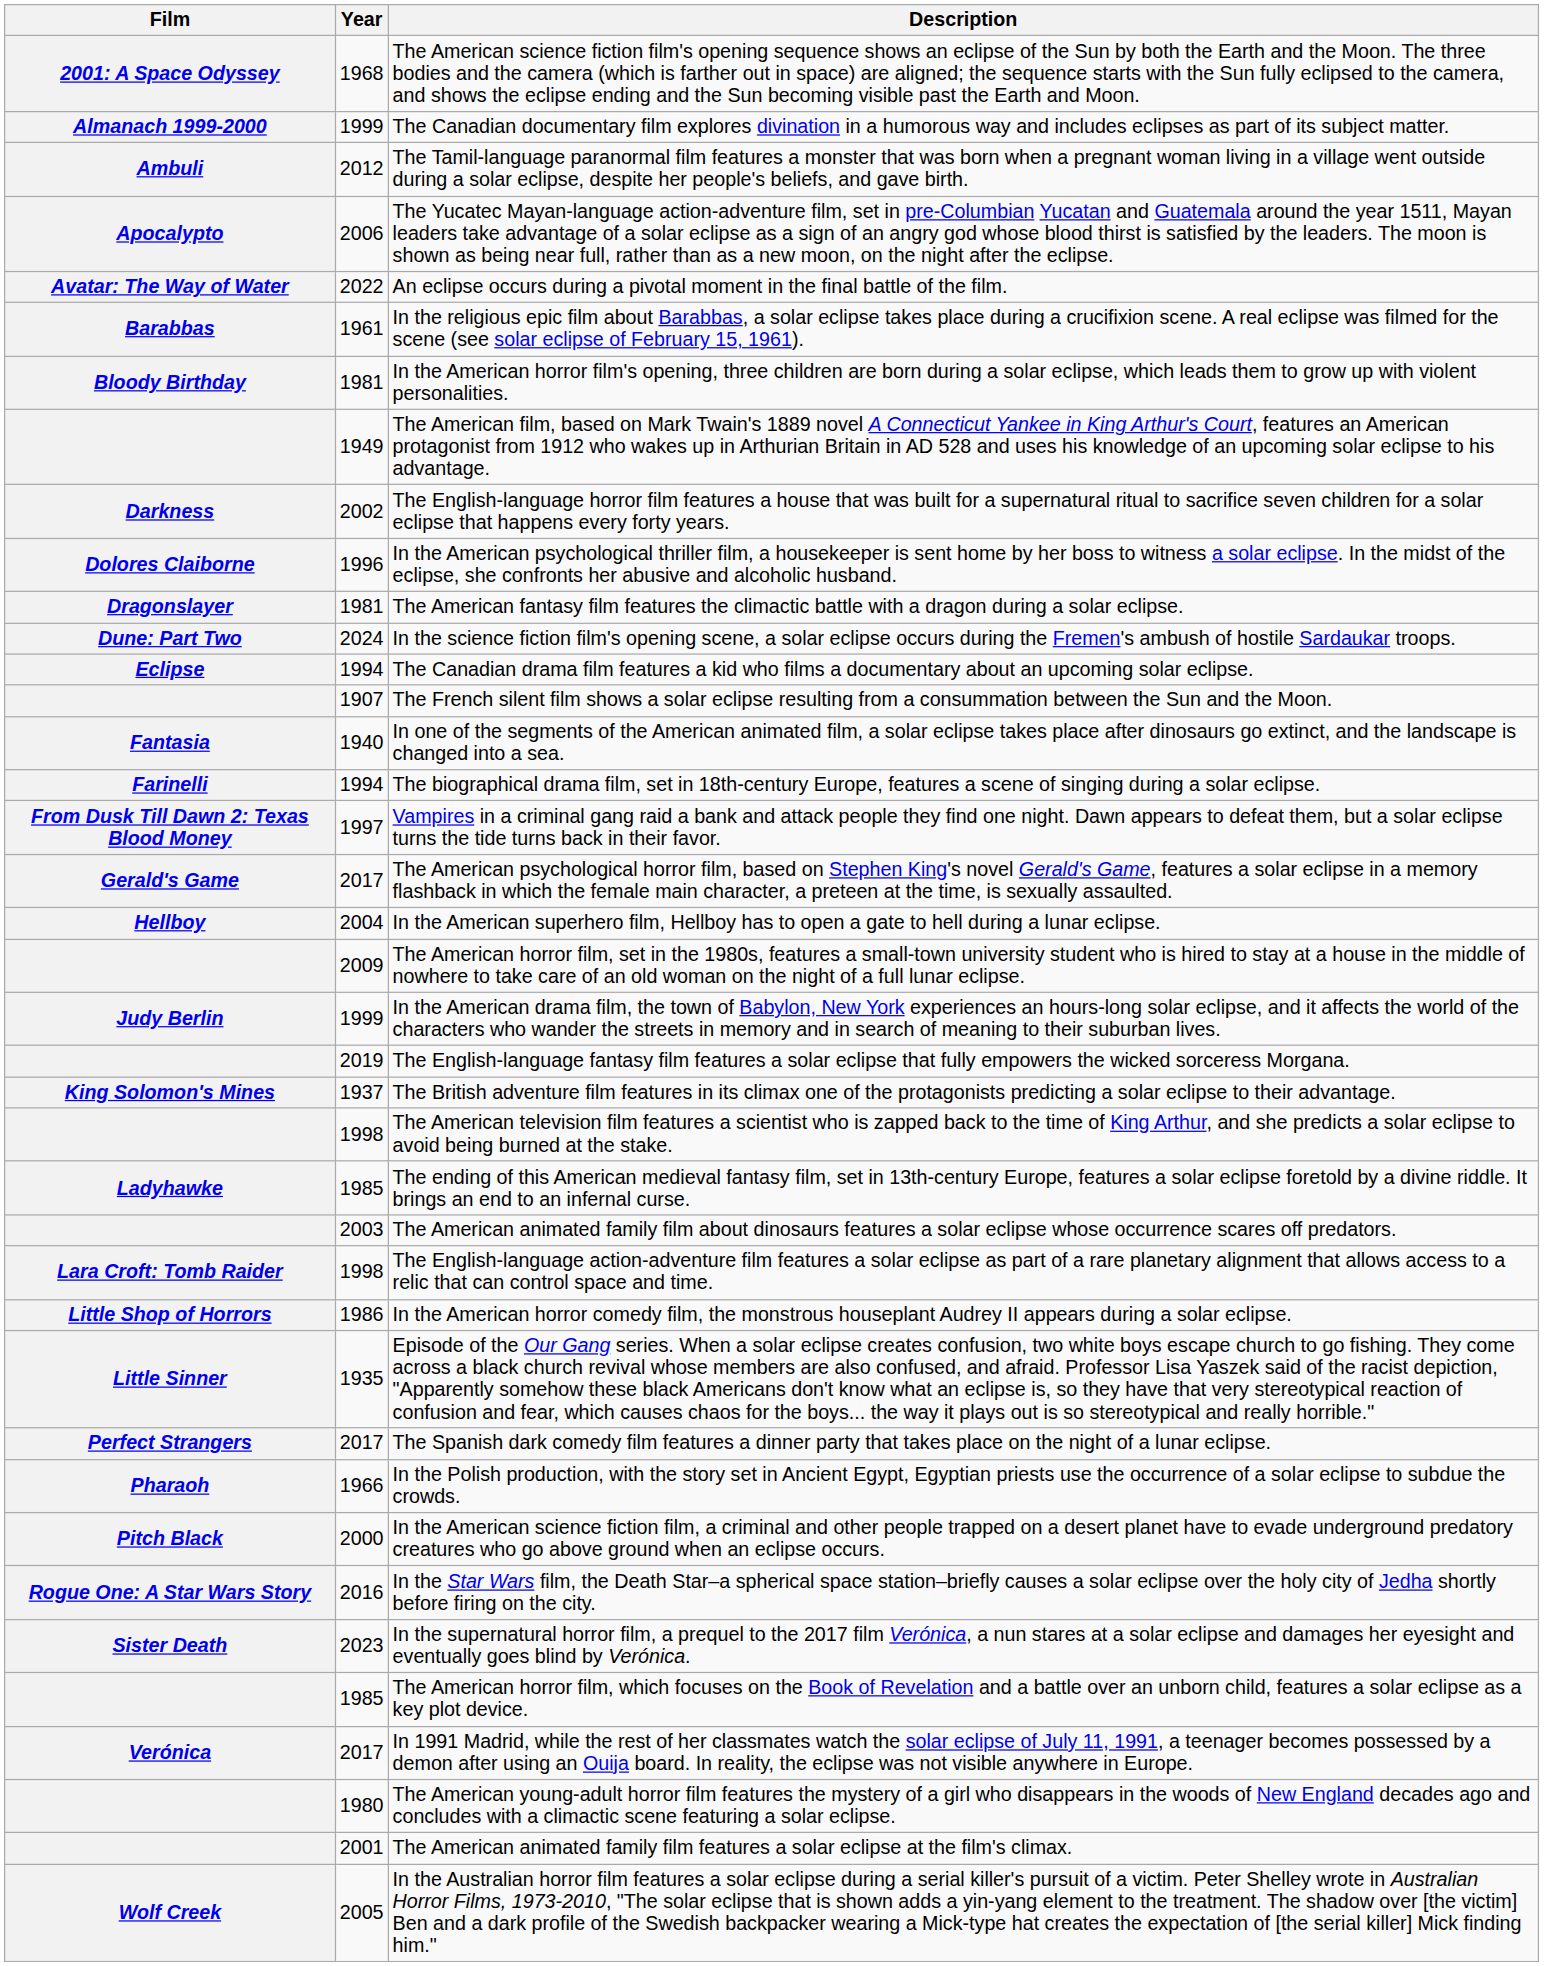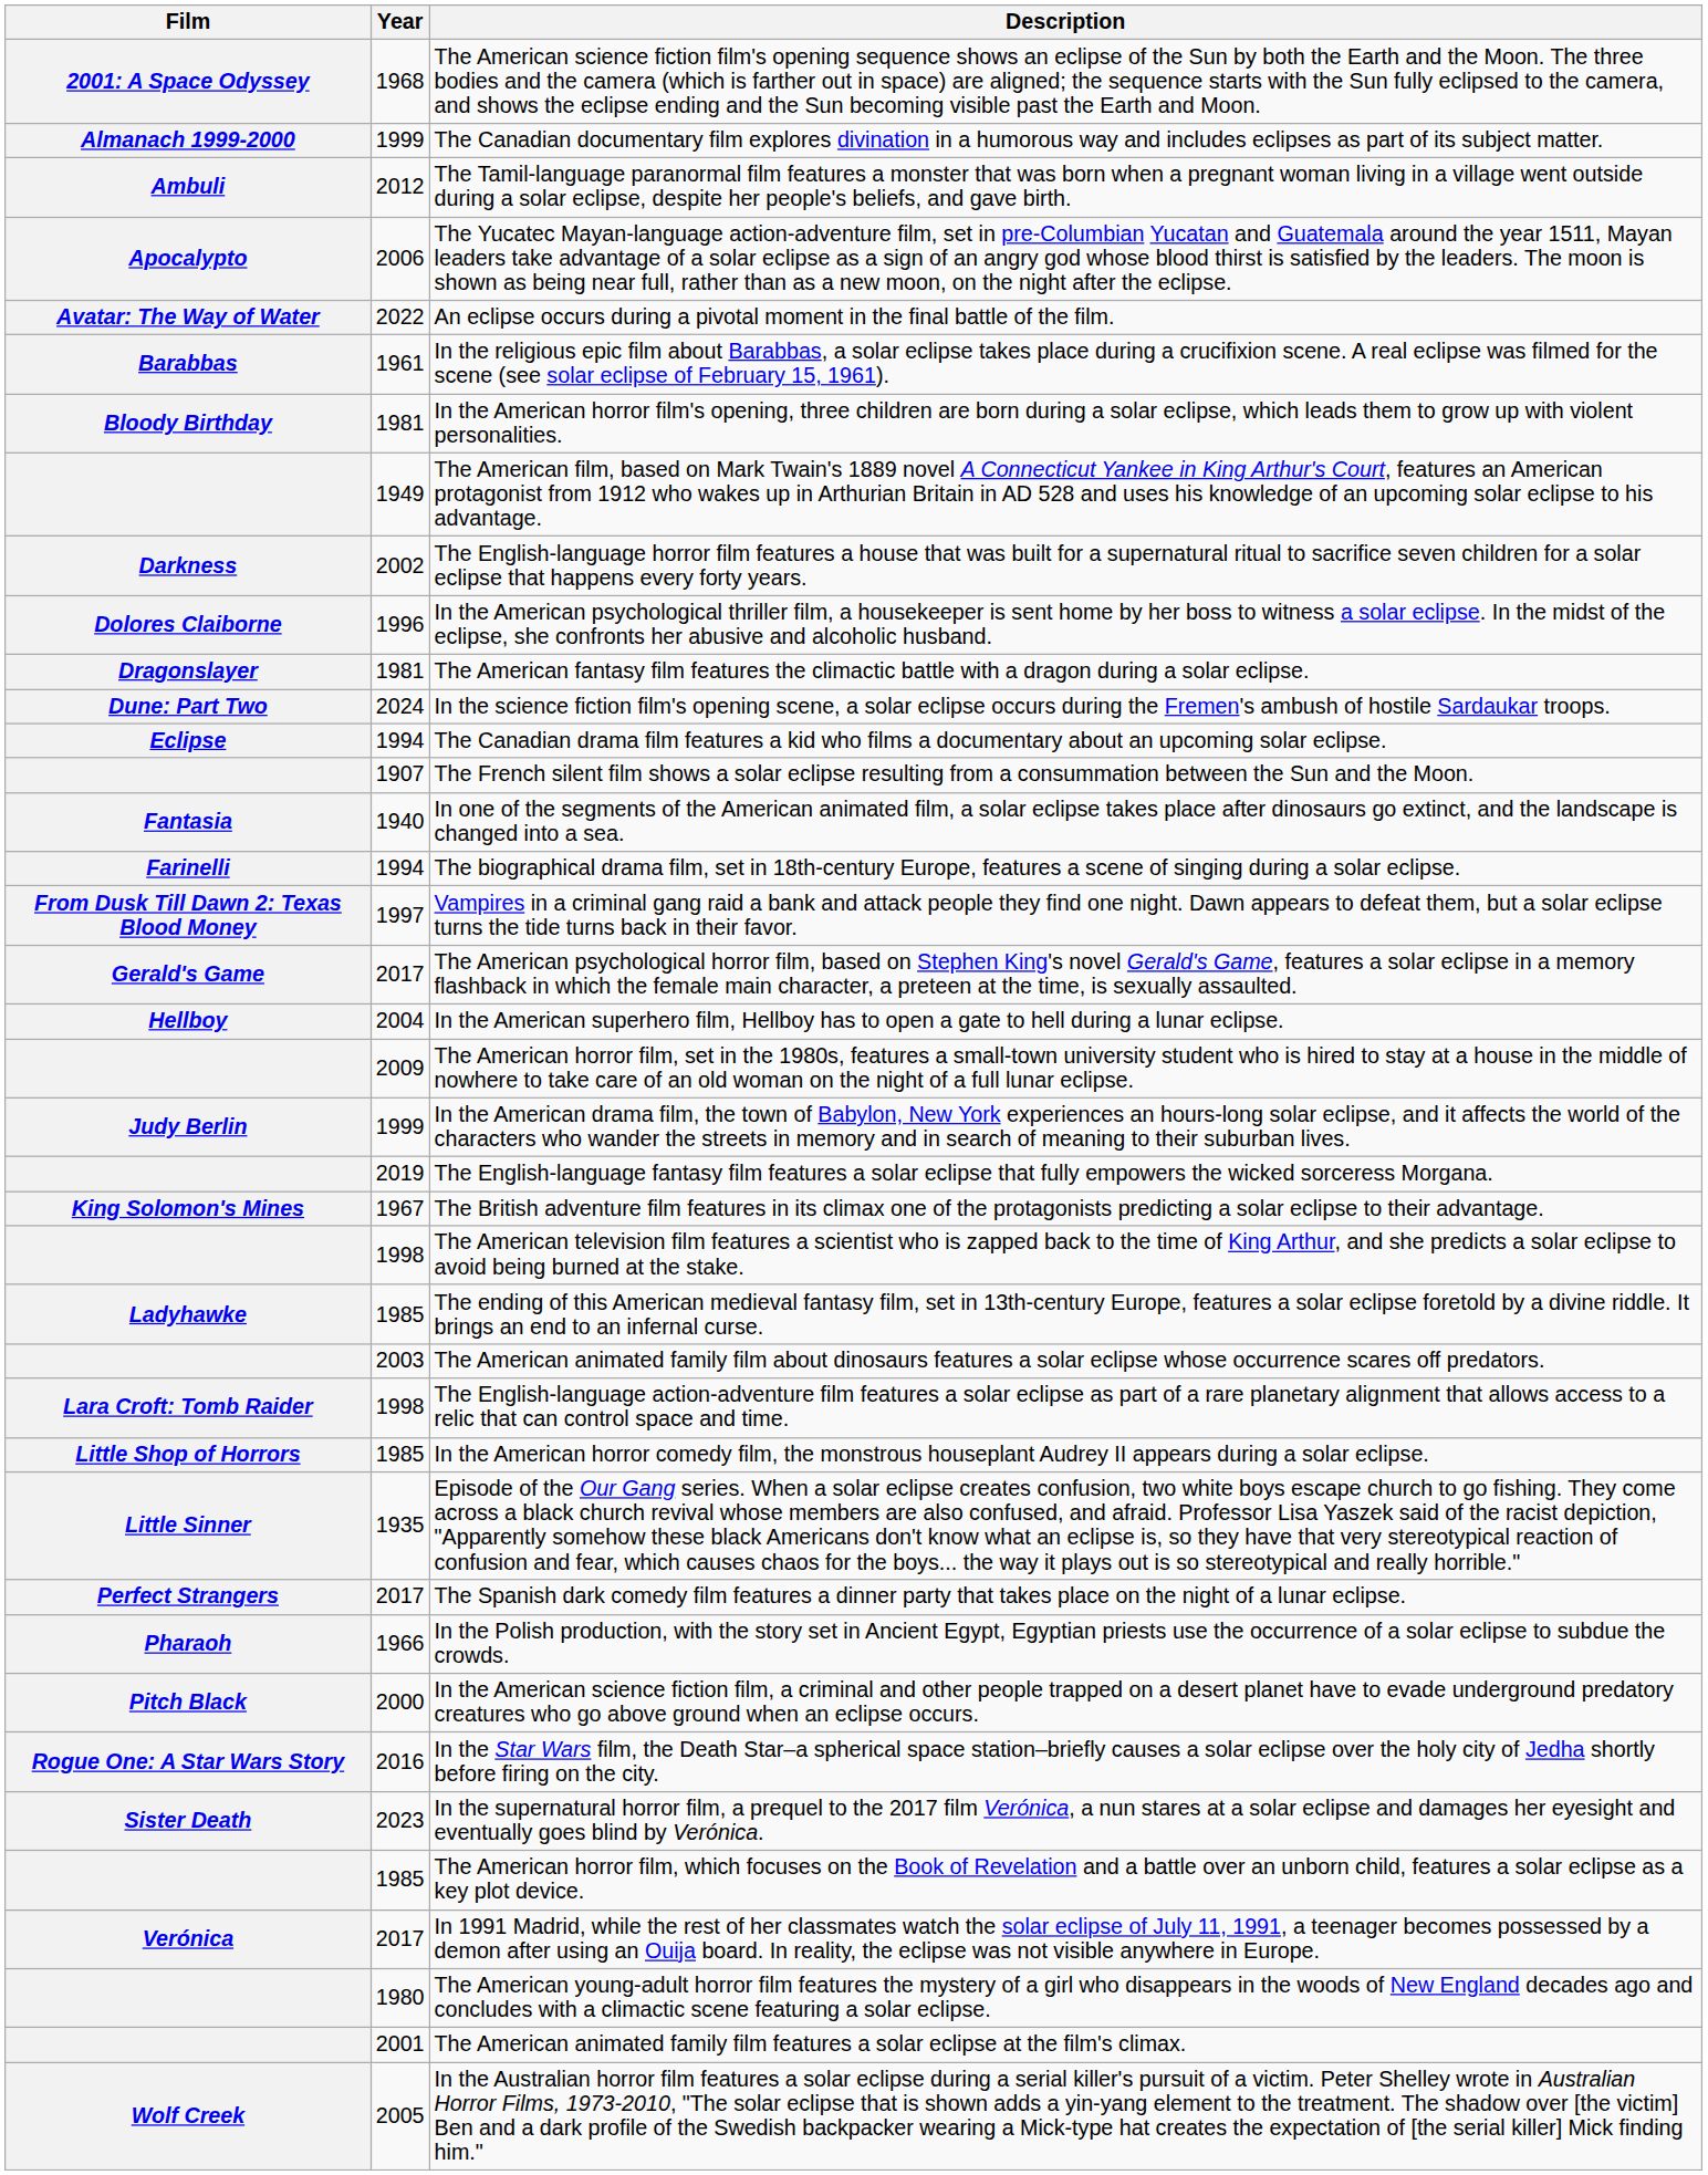 <table class="wikitable sortable plainrowheaders">
 <tr>
 <th scope="col">Film</th>
 <th scope="col">Year</th>
 <th scope="col" width="75%" class="unsortable">Description</th>
 </tr>
 <tr>
 <th scope="row"><em><a href='#'>2001: A Space Odyssey</a></em></th>
 <td>1968</td>
 <td>The American science fiction film's opening sequence shows an eclipse of the Sun by both the Earth and the Moon. The three bodies and the camera (which is farther out in space) are aligned; the sequence starts with the Sun fully eclipsed to the camera, and shows the eclipse ending and the Sun becoming visible past the Earth and Moon.</td>
 </tr>
 <tr>
 <th scope="row"><em><a href='#'>Almanach 1999-2000</a></em></th>
 <td>1999</td>
 <td>The Canadian documentary film explores <a href='#'>divination</a> in a humorous way and includes eclipses as part of its subject matter.</td>
 </tr>
 <tr>
 <th scope="row"><em><a href='#'>Ambuli</a></em></th>
 <td>2012</td>
 <td>The Tamil-language paranormal film features a monster that was born when a pregnant woman living in a village went outside during a solar eclipse, despite her people's beliefs, and gave birth.</td>
 </tr>
 <tr>
 <th scope="row"><em><a href='#'>Apocalypto</a></em></th>
 <td>2006</td>
 <td>The Yucatec Mayan-language action-adventure film, set in <a href='#'>pre-Columbian</a> <a href='#'>Yucatan</a> and <a href='#'>Guatemala</a> around the year 1511, Mayan leaders take advantage of a solar eclipse as a sign of an angry god whose blood thirst is satisfied by the leaders. The moon is shown as being near full, rather than as a new moon, on the night after the eclipse.</td>
 </tr>
 <tr>
 <th scope="row"><em><a href='#'>Avatar: The Way of Water</a></em></th>
 <td>2022</td>
 <td>An eclipse occurs during a pivotal moment in the final battle of the film.</td>
 </tr>
 <tr>
 <th scope="row"><em><a href='#'>Barabbas</a></em></th>
 <td>1961</td>
 <td>In the religious epic film about <a href='#'>Barabbas</a>, a solar eclipse takes place during a crucifixion scene. A real eclipse was filmed for the scene (see <a href='#'>solar eclipse of February 15, 1961</a>).</td>
 </tr>
 <tr>
 <th scope="row"><em><a href='#'>Bloody Birthday</a></em></th>
 <td>1981</td>
 <td>In the American horror film's opening, three children are born during a solar eclipse, which leads them to grow up with violent personalities.</td>
 </tr>
 <tr>
 <th scope="row"><em></em></th>
 <td>1949</td>
 <td>The American film, based on Mark Twain's 1889 novel <em><a href='#'>A Connecticut Yankee in King Arthur's Court</a></em>, features an American protagonist from 1912 who wakes up in Arthurian Britain in AD 528 and uses his knowledge of an upcoming solar eclipse to his advantage.</td>
 </tr>
 <tr>
 <th scope="row"><em><a href='#'>Darkness</a></em></th>
 <td>2002</td>
 <td>The English-language horror film features a house that was built for a supernatural ritual to sacrifice seven children for a solar eclipse that happens every forty years.</td>
 </tr>
 <tr>
 <th scope="row"><em><a href='#'>Dolores Claiborne</a></em></th>
 <td>1996</td>
 <td>In the American psychological thriller film, a housekeeper is sent home by her boss to witness <a href='#'>a solar eclipse</a>. In the midst of the eclipse, she confronts her abusive and alcoholic husband.</td>
 </tr>
 <tr>
 <th scope="row"><em><a href='#'>Dragonslayer</a></em></th>
 <td>1981</td>
 <td>The American fantasy film features the climactic battle with a dragon during a solar eclipse.</td>
 </tr>
 <tr>
 <th scope="row"><em><a href='#'>Dune: Part Two</a></em></th>
 <td>2024</td>
 <td>In the science fiction film's opening scene, a solar eclipse occurs during the <a href='#'>Fremen</a>'s ambush of hostile <a href='#'>Sardaukar</a> troops.</td>
 </tr>
 <tr>
 <th scope="row"><em><a href='#'>Eclipse</a></em></th>
 <td>1994</td>
 <td>The Canadian drama film features a kid who films a documentary about an upcoming solar eclipse.</td>
 </tr>
 <tr>
 <th scope="row"><em></em></th>
 <td>1907</td>
 <td>The French silent film shows a solar eclipse resulting from a consummation between the Sun and the Moon.</td>
 </tr>
 <tr>
 <th scope="row"><em><a href='#'>Fantasia</a></em></th>
 <td>1940</td>
 <td>In one of the segments of the American animated film, a solar eclipse takes place after dinosaurs go extinct, and the landscape is changed into a sea.</td>
 </tr>
 <tr>
 <th scope="row"><em><a href='#'>Farinelli</a></em></th>
 <td>1994</td>
 <td>The biographical drama film, set in 18th-century Europe, features a scene of singing during a solar eclipse.</td>
 </tr>
 <tr>
 <th scope="row"><em><a href='#'>From Dusk Till Dawn 2: Texas Blood Money</a></em></th>
 <td>1997</td>
 <td><a href='#'>Vampires</a> in a criminal gang raid a bank and attack people they find one night. Dawn appears to defeat them, but a solar eclipse turns the tide turns back in their favor.</td>
 </tr>
 <tr>
 <th scope="row"><em><a href='#'>Gerald's Game</a></em></th>
 <td>2017</td>
 <td>The American psychological horror film, based on <a href='#'>Stephen King</a>'s novel <em><a href='#'>Gerald's Game</a></em>, features a solar eclipse in a memory flashback in which the female main character, a preteen at the time, is sexually assaulted.</td>
 </tr>
 <tr>
 <th scope="row"><em><a href='#'>Hellboy</a></em></th>
 <td>2004</td>
 <td>In the American superhero film, Hellboy has to open a gate to hell during a lunar eclipse.</td>
 </tr>
 <tr>
 <th scope="row"><em></em></th>
 <td>2009</td>
 <td>The American horror film, set in the 1980s, features a small-town university student who is hired to stay at a house in the middle of nowhere to take care of an old woman on the night of a full lunar eclipse.</td>
 </tr>
 <tr>
 <th scope="row"><em><a href='#'>Judy Berlin</a></em></th>
 <td>1999</td>
 <td>In the American drama film, the town of <a href='#'>Babylon, New York</a> experiences an hours-long solar eclipse, and it affects the world of the characters who wander the streets in memory and in search of meaning to their suburban lives.</td>
 </tr>
 <tr>
 <th scope="row"><em></em></th>
 <td>2019</td>
 <td>The English-language fantasy film features a solar eclipse that fully empowers the wicked sorceress Morgana.</td>
 </tr>
 <tr>
 <th scope="row"><em><a href='#'>King Solomon's Mines</a></em></th>
-<td>1937</td>
+<td>1967</td>
 <td>The British adventure film features in its climax one of the protagonists predicting a solar eclipse to their advantage.</td>
 </tr>
 <tr>
 <th scope="row"><em></em></th>
 <td>1998</td>
 <td>The American television film features a scientist who is zapped back to the time of <a href='#'>King Arthur</a>, and she predicts a solar eclipse to avoid being burned at the stake.</td>
 </tr>
 <tr>
 <th scope="row"><em><a href='#'>Ladyhawke</a></em></th>
 <td>1985</td>
 <td>The ending of this American medieval fantasy film, set in 13th-century Europe, features a solar eclipse foretold by a divine riddle. It brings an end to an infernal curse.</td>
 </tr>
 <tr>
 <th scope="row"><em></em></th>
 <td>2003</td>
 <td>The American animated family film about dinosaurs features a solar eclipse whose occurrence scares off predators.</td>
 </tr>
 <tr>
 <th scope="row"><em><a href='#'>Lara Croft: Tomb Raider</a></em></th>
 <td>1998</td>
 <td>The English-language action-adventure film features a solar eclipse as part of a rare planetary alignment that allows access to a relic that can control space and time.</td>
 </tr>
 <tr>
 <th scope="row"><em><a href='#'>Little Shop of Horrors</a></em></th>
-<td>1986</td>
+<td>1985</td>
 <td>In the American horror comedy film, the monstrous houseplant Audrey II appears during a solar eclipse.</td>
 </tr>
 <tr>
 <th scope="row"><em><a href='#'>Little Sinner</a></em></th>
 <td>1935</td>
 <td>Episode of the <em><a href='#'>Our Gang</a></em> series. When a solar eclipse creates confusion, two white boys escape church to go fishing. They come across a black church revival whose members are also confused, and afraid. Professor Lisa Yaszek said of the racist depiction, "Apparently somehow these black Americans don't know what an eclipse is, so they have that very stereotypical reaction of confusion and fear, which causes chaos for the boys... the way it plays out is so stereotypical and really horrible."</td>
 </tr>
 <tr>
 <th scope="row"><em><a href='#'>Perfect Strangers</a></em></th>
 <td>2017</td>
 <td>The Spanish dark comedy film features a dinner party that takes place on the night of a lunar eclipse.</td>
 </tr>
 <tr>
 <th scope="row"><em><a href='#'>Pharaoh</a></em></th>
 <td>1966</td>
 <td>In the Polish production, with the story set in Ancient Egypt, Egyptian priests use the occurrence of a solar eclipse to subdue the crowds.</td>
 </tr>
 <tr>
 <th scope="row"><em><a href='#'>Pitch Black</a></em></th>
 <td>2000</td>
 <td>In the American science fiction film, a criminal and other people trapped on a desert planet have to evade underground predatory creatures who go above ground when an eclipse occurs.</td>
 </tr>
 <tr>
 <th scope="row"><em><a href='#'>Rogue One: A Star Wars Story</a></em></th>
 <td>2016</td>
 <td>In the <em><a href='#'>Star Wars</a></em> film, the Death Star–a spherical space station–briefly causes a solar eclipse over the holy city of <a href='#'>Jedha</a> shortly before firing on the city.</td>
 </tr>
 <tr>
 <th scope="row"><em><a href='#'>Sister Death</a></em></th>
 <td>2023</td>
 <td>In the supernatural horror film, a prequel to the 2017 film <em><a href='#'>Verónica</a></em>, a nun stares at a solar eclipse and damages her eyesight and eventually goes blind by <em>Verónica</em>.</td>
 </tr>
 <tr>
 <th scope="row"><em></em></th>
 <td>1985</td>
 <td>The American horror film, which focuses on the <a href='#'>Book of Revelation</a> and a battle over an unborn child, features a solar eclipse as a key plot device.</td>
 </tr>
 <tr>
 <th scope="row"><em><a href='#'>Verónica</a></em></th>
 <td>2017</td>
 <td>In 1991 Madrid, while the rest of her classmates watch the <a href='#'>solar eclipse of July 11, 1991</a>, a teenager becomes possessed by a demon after using an <a href='#'>Ouija</a> board.  In reality, the eclipse was not visible anywhere in Europe.</td>
 </tr>
 <tr>
 <th scope="row"><em></em></th>
 <td>1980</td>
 <td>The American young-adult horror film features the mystery of a girl who disappears in the woods of <a href='#'>New England</a> decades ago and concludes with a climactic scene featuring a solar eclipse.</td>
 </tr>
 <tr>
 <th scope="row"><em></em></th>
 <td>2001</td>
 <td>The American animated family film features a solar eclipse at the film's climax.</td>
 </tr>
 <tr>
 <th scope="row"><em><a href='#'>Wolf Creek</a></em></th>
 <td>2005</td>
 <td>In the Australian horror film features a solar eclipse during a serial killer's pursuit of a victim. Peter Shelley wrote in <em>Australian Horror Films, 1973-2010</em>, "The solar eclipse that is shown adds a yin-yang element to the treatment. The shadow over [the victim] Ben and a dark profile of the Swedish backpacker wearing a Mick-type hat creates the expectation of [the serial killer] Mick finding him."</td>
 </tr>
 </table>
